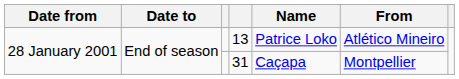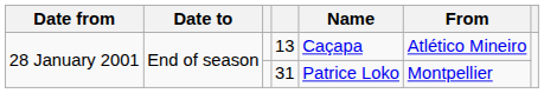 <table class="wikitable">
 <tr>
 <th>Date from</th>
 <th>Date to</th>
 <th></th>
 <th></th>
 <th>Name</th>
 <th>From</th>
 <th></th>
 </tr>
 <tr>
 <td rowspan="2">28 January 2001</td>
 <td rowspan="2">End of season</td>
 <td style="text-align:center;"><a href='#'></a></td>
 <td style="text-align:center;">13</td>
-<td> <a href='#'>Patrice Loko</a></td>
+<td> <a href='#'>Caçapa</a></td>
 <td> <a href='#'>Atlético Mineiro</a></td>
 <td rowspan="2" style="text-align:center;"></td>
 </tr>
 <tr>
 <td style="text-align:center;"><a href='#'></a></td>
 <td style="text-align:center;">31</td>
-<td> <a href='#'>Caçapa</a></td>
+<td> <a href='#'>Patrice Loko</a></td>
 <td> <a href='#'>Montpellier</a></td>
 </tr>
 </table>
